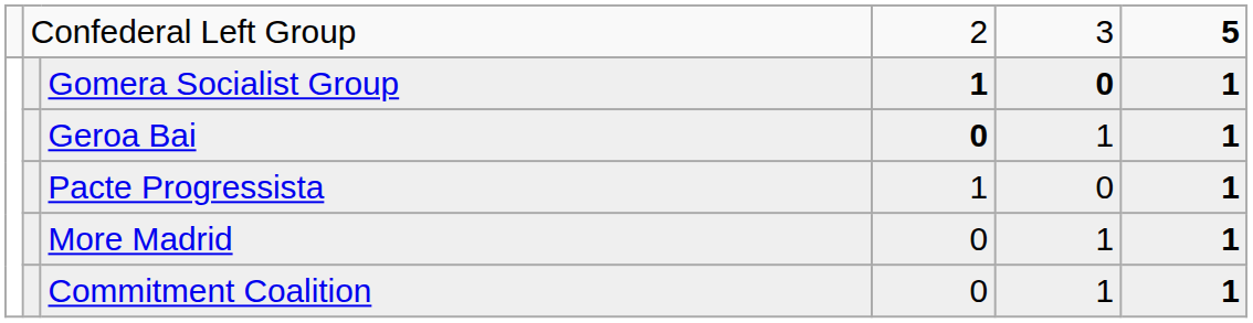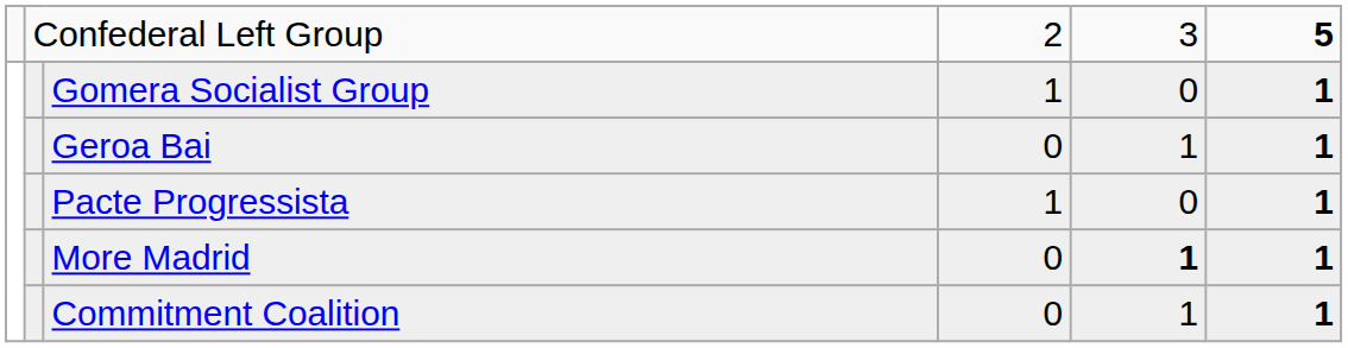 <table class="wikitable collapsible collapsed" style="text-align:right; font-size:95%; border:0px; margin-top:-1px; margin-bottom:0;">
 <tr>
 <td width="1"></td>
 <th style="text-align:left; font-weight:normal; background:#F9F9F9" colspan="2" width="385">Confederal Left Group</th>
 <td width="50">2</td>
 <td width="51">3</td>
 <td width="51"><strong>5</strong></td>
 </tr>
 <tr style="background:#EFEFEF;">
 <td style="background:white;" rowspan="5"></td>
 <td></td>
 <td align="left"><a href='#'>Gomera Socialist Group</a></td>
-<td><strong>1</strong></td>
-<td><strong>0</strong></td>
+<td>1</td>
+<td>0</td>
 <td><strong>1</strong></td>
 </tr>
 <tr style="background:#EFEFEF;">
 <td width="1"></td>
 <td align="left"><a href='#'>Geroa Bai</a></td>
-<td><strong>0</strong></td>
+<td>0</td>
 <td>1</td>
 <td><strong>1</strong></td>
 </tr>
 <tr style="background:#EFEFEF;">
 <td></td>
 <td align="left"><a href='#'>Pacte Progressista</a></td>
 <td>1</td>
 <td>0</td>
 <td><strong>1</strong></td>
 </tr>
 <tr style="background:#EFEFEF;">
 <td></td>
 <td align="left"><a href='#'>More Madrid</a></td>
 <td>0</td>
-<td>1</td>
+<td><strong>1</strong></td>
 <td><strong>1</strong></td>
 </tr>
 <tr style="background:#EFEFEF;">
 <td></td>
 <td align="left"><a href='#'>Commitment Coalition</a></td>
 <td>0</td>
 <td>1</td>
 <td><strong>1</strong></td>
 </tr>
 </table>
